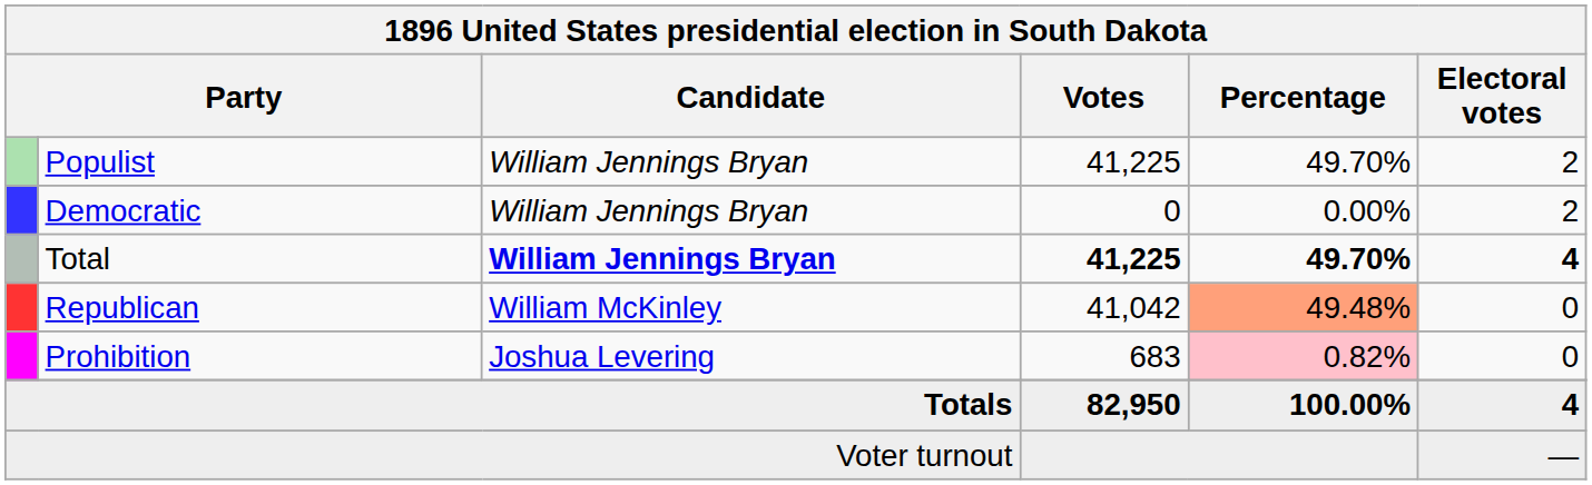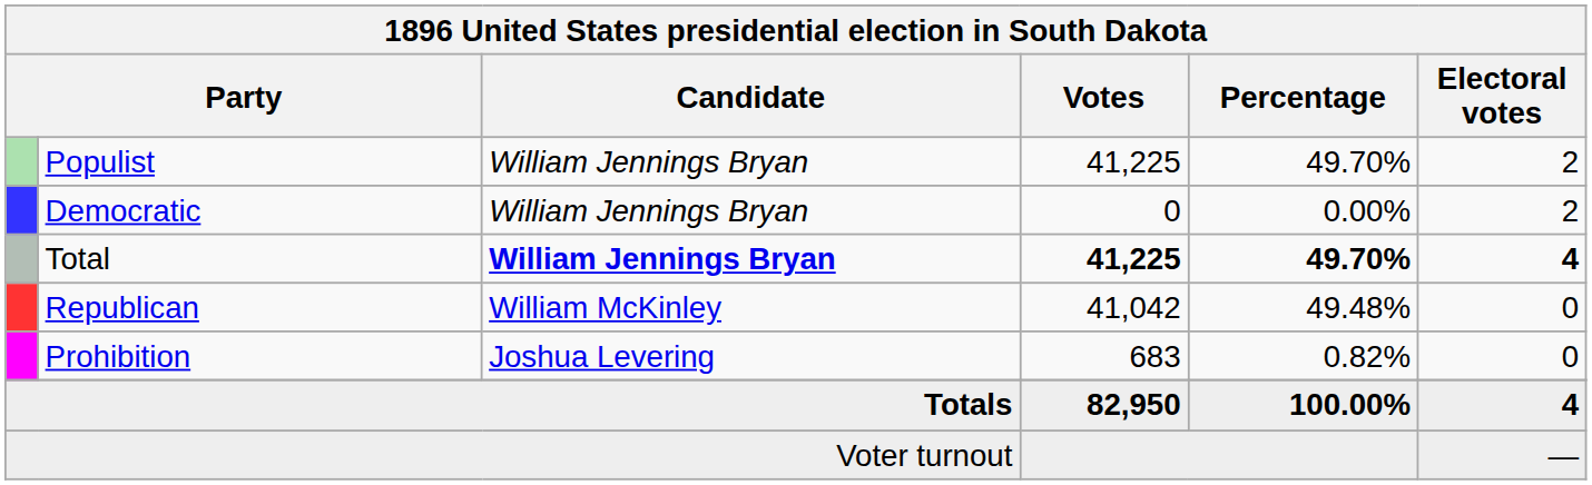 <table class="wikitable" style="font-size: 95%;">
 <tr>
 <th colspan="6">1896 United States presidential election in South Dakota</th>
 </tr>
 <tr>
 <th colspan="2" style="width: 15em">Party</th>
 <th style="width: 17em">Candidate</th>
 <th style="width: 5em">Votes</th>
 <th style="width: 7em">Percentage</th>
 <th style="width: 5em">Electoral votes</th>
 </tr>
 <tr>
 <th style="background-color:#ACE1AF; width: 3px"></th>
 <td style="width: 130px"><a href='#'>Populist</a></td>
 <td><em>William Jennings Bryan</em></td>
 <td align="right">41,225</td>
 <td align="right">49.70%</td>
 <td align="right">2</td>
 </tr>
 <tr>
 <th style="background-color:#3333FF; width: 3px"></th>
 <td style="width: 130px"><a href='#'>Democratic</a></td>
 <td><em>William Jennings Bryan</em></td>
 <td align="right">0</td>
 <td align="right">0.00%</td>
 <td align="right">2</td>
 </tr>
 <tr>
 <th style="background-color:#B2BEB5; width: 3px"></th>
 <td style="width: 130px">Total</td>
 <td><strong><a href='#'>William Jennings Bryan</a></strong></td>
 <td align="right"><strong>41,225</strong></td>
 <td align="right"><strong>49.70%</strong></td>
 <td align="right"><strong>4</strong></td>
 </tr>
 <tr>
 <th style="background-color:#FF3333; width: 3px"></th>
 <td style="width: 130px"><a href='#'>Republican</a></td>
 <td><a href='#'>William McKinley</a></td>
 <td align="right">41,042</td>
-<td align="right" style="background: lightsalmon;">49.48%</td>
+<td align="right">49.48%</td>
 <td align="right">0</td>
 </tr>
 <tr>
 <th style="background-color:#FF00FF; width: 3px"></th>
 <td style="width: 130px"><a href='#'>Prohibition</a></td>
 <td><a href='#'>Joshua Levering</a></td>
 <td align="right">683</td>
-<td align="right" style="background: pink;">0.82%</td>
+<td align="right">0.82%</td>
 <td align="right">0</td>
 </tr>
 <tr>
 </tr>
 <tr bgcolor="#EEEEEE">
 <td colspan="3" align="right"><strong>Totals</strong></td>
 <td align="right"><strong>82,950</strong></td>
 <td align="right"><strong>100.00%</strong></td>
 <td align="right"><strong>4</strong></td>
 </tr>
 <tr bgcolor="#EEEEEE">
 <td colspan="3" align="right">Voter turnout</td>
 <td colspan="2" align="right"></td>
 <td align="right">—</td>
 </tr>
 </table>
